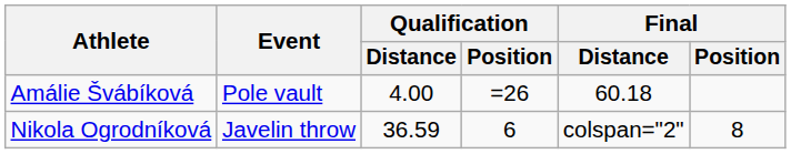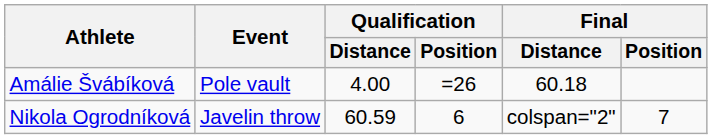 <table class="wikitable" style="font-size:90%">
 <tr>
 <th rowspan="2">Athlete</th>
 <th rowspan="2">Event</th>
 <th colspan="2">Qualification</th>
 <th colspan="2">Final</th>
 </tr>
 <tr style="font-size:95%">
 <th>Distance</th>
 <th>Position</th>
 <th>Distance</th>
 <th>Position</th>
 </tr>
 <tr align="center">
 <td align="left"><a href='#'>Amálie Švábíková</a></td>
 <td align="left"><a href='#'>Pole vault</a></td>
 <td>4.00</td>
 <td>=26</td>
 <td>60.18</td>
 </tr>
 <tr align="center">
 <td align="left"><a href='#'>Nikola Ogrodníková</a></td>
 <td align="left"><a href='#'>Javelin throw</a></td>
-<td>36.59</td>
+<td>60.59</td>
 <td>6</td>
 <td>colspan="2" </td>
-<td>8</td>
+<td>7</td>
 </tr>
 </table>
